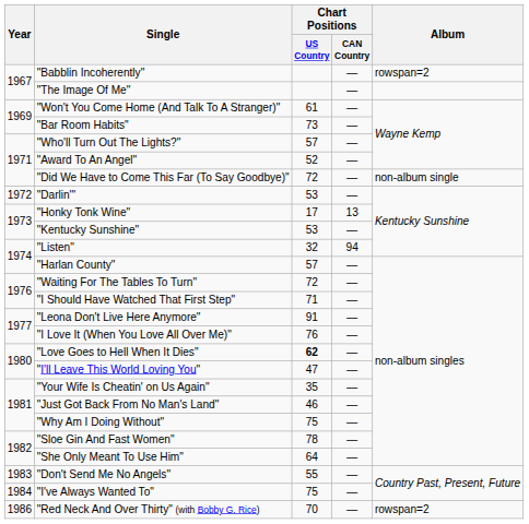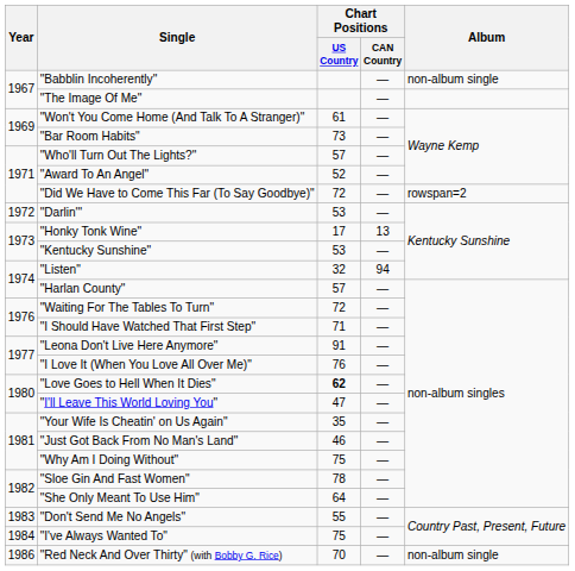 <table class="wikitable">
 <tr>
 <th rowspan="2">Year</th>
 <th rowspan="2">Single</th>
 <th colspan="2">Chart Positions</th>
 <th rowspan="2">Album</th>
 </tr>
 <tr>
 <th width="45"><small><a href='#'>US Country</a></small></th>
 <th width="45"><small>CAN Country</small></th>
 </tr>
 <tr>
 <td rowspan=2>1967</td>
 <td>"Babblin Incoherently"</td>
 <td align=center></td>
 <td align=center>—</td>
-<td>rowspan=2</td>
+<td>non-album single</td>
 </tr>
 <tr>
 <td>"The Image Of Me"</td>
 <td align=center></td>
 <td align=center>—</td>
 </tr>
 <tr>
 <td rowspan=2>1969</td>
 <td>"Won't You Come Home (And Talk To A Stranger)"</td>
 <td align=center>61</td>
 <td align=center>—</td>
 <td rowspan=4><em>Wayne Kemp</em></td>
 </tr>
 <tr>
 <td>"Bar Room Habits"</td>
 <td align=center>73</td>
 <td align=center>—</td>
 </tr>
 <tr>
 <td rowspan=3>1971</td>
 <td>"Who'll Turn Out The Lights?"</td>
 <td align=center>57</td>
 <td align=center>—</td>
 </tr>
 <tr>
 <td>"Award To An Angel"</td>
 <td align=center>52</td>
 <td align=center>—</td>
 </tr>
 <tr>
 <td>"Did We Have to Come This Far (To Say Goodbye)"</td>
 <td align=center>72</td>
 <td align=center>—</td>
-<td>non-album single</td>
+<td>rowspan=2</td>
 </tr>
 <tr>
 <td>1972</td>
 <td>"Darlin'"</td>
 <td align=center>53</td>
 <td align=center>—</td>
 <td rowspan=4><em>Kentucky Sunshine</em></td>
 </tr>
 <tr>
 <td rowspan=2>1973</td>
 <td>"Honky Tonk Wine"</td>
 <td align=center>17</td>
 <td align=center>13</td>
 </tr>
 <tr>
 <td>"Kentucky Sunshine"</td>
 <td align=center>53</td>
 <td align=center>—</td>
 </tr>
 <tr>
 <td rowspan=2>1974</td>
 <td>"Listen"</td>
 <td align=center>32</td>
 <td align=center>94</td>
 </tr>
 <tr>
 <td>"Harlan County"</td>
 <td align=center>57</td>
 <td align=center>—</td>
 <td rowspan=12>non-album singles</td>
 </tr>
 <tr>
 <td rowspan=2>1976</td>
 <td>"Waiting For The Tables To Turn"</td>
 <td align=center>72</td>
 <td align=center>—</td>
 </tr>
 <tr>
 <td>"I Should Have Watched That First Step"</td>
 <td align=center>71</td>
 <td align=center>—</td>
 </tr>
 <tr>
 <td rowspan=2>1977</td>
 <td>"Leona Don't Live Here Anymore"</td>
 <td align=center>91</td>
 <td align=center>—</td>
 </tr>
 <tr>
 <td>"I Love It (When You Love All Over Me)"</td>
 <td align=center>76</td>
 <td align=center>—</td>
 </tr>
 <tr>
 <td rowspan=2>1980</td>
 <td>"Love Goes to Hell When It Dies"</td>
 <td align=center><strong>62</strong></td>
 <td align=center>—</td>
 </tr>
 <tr>
 <td>"<a href='#'>I'll Leave This World Loving You</a>"</td>
 <td align=center>47</td>
 <td align=center>—</td>
 </tr>
 <tr>
 <td rowspan=3>1981</td>
 <td>"Your Wife Is Cheatin' on Us Again"</td>
 <td align=center>35</td>
 <td align=center>—</td>
 </tr>
 <tr>
 <td>"Just Got Back From No Man's Land"</td>
 <td align=center>46</td>
 <td align=center>—</td>
 </tr>
 <tr>
 <td>"Why Am I Doing Without"</td>
 <td align=center>75</td>
 <td align=center>—</td>
 </tr>
 <tr>
 <td rowspan=2>1982</td>
 <td>"Sloe Gin And Fast Women"</td>
 <td align=center>78</td>
 <td align=center>—</td>
 </tr>
 <tr>
 <td>"She Only Meant To Use Him"</td>
 <td align=center>64</td>
 <td align=center>—</td>
 </tr>
 <tr>
 <td>1983</td>
 <td>"Don't Send Me No Angels"</td>
 <td align=center>55</td>
 <td align=center>—</td>
 <td rowspan=2><em>Country Past, Present, Future</em></td>
 </tr>
 <tr>
 <td>1984</td>
 <td>"I've Always Wanted To"</td>
 <td align=center>75</td>
 <td align=center>—</td>
 </tr>
 <tr>
 <td>1986</td>
 <td>"Red Neck And Over Thirty" <small>(with <a href='#'>Bobby G. Rice</a>)</small></td>
 <td align=center>70</td>
 <td align=center>—</td>
-<td>rowspan=2</td>
+<td>non-album single</td>
 </tr>
 </table>
